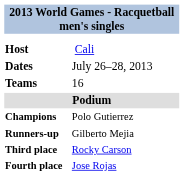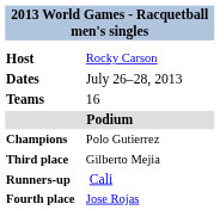 <table class="toccolours" style="float: right; margin: 0 0 1em 1em; font-size: 90%;" width=220px>
 <tr>
 <td colspan="2" style="background: #B0C4DE; text-align: center;" height=30px><strong>2013 World Games -  Racquetball men's singles</strong></td>
 </tr>
 <tr>
 <td colspan="2" style="text-align: center;"></td>
 </tr>
 <tr style="vertical-align:top;">
 <td colspan=2></td>
 </tr>
 <tr style="vertical-align:top;">
 <td><strong>Host</strong></td>
-<td> <a href='#'>Cali</a></td>
+<td style=font-size:90% width=250> <a href='#'>Rocky Carson</a></td>
 </tr>
 <tr style="vertical-align:top;">
 <td><strong>Dates</strong></td>
 <td>July 26–28, 2013</td>
 </tr>
 <tr style="vertical-align:top;">
 <td width=90><strong>Teams</strong></td>
 <td>16</td>
 </tr>
 <tr>
 <td colspan="2" style="background: #dedede; text-align: center;"><strong>Podium</strong></td>
 </tr>
 <tr style="vertical-align:top;">
 <td style=font-size:90% width=100> <strong>Champions</strong></td>
 <td style=font-size:90% width=250> Polo Gutierrez</td>
 </tr>
 <tr>
-<td style=font-size:90% width=100> <strong>Runners-up</strong></td>
+<td style=font-size:90% width=100> <strong>Third place</strong></td>
 <td style=font-size:90% width=250> Gilberto Mejia</td>
 </tr>
 <tr>
-<td style=font-size:90% width=100> <strong>Third place</strong></td>
-<td style=font-size:90% width=250> <a href='#'>Rocky Carson</a></td>
+<td style=font-size:90% width=100> <strong>Runners-up</strong></td>
+<td> <a href='#'>Cali</a></td>
 </tr>
 <tr>
 <td style=font-size:90% width=100><strong>Fourth place</strong></td>
 <td style=font-size:90% width=250> <a href='#'>Jose Rojas</a></td>
 </tr>
 </table>
